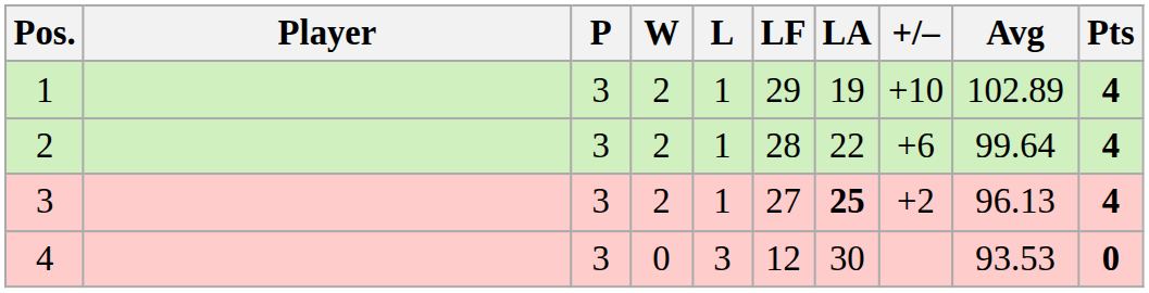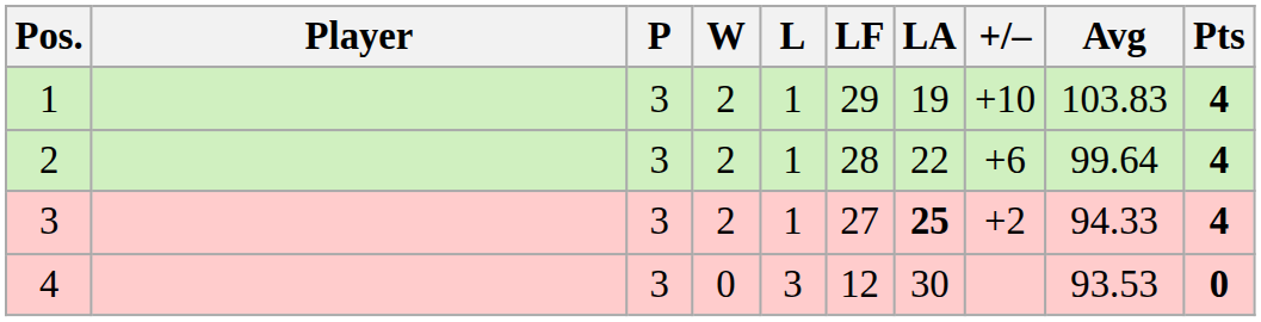 <table class="wikitable" style="text-align:center; margin: 1em auto 1em auto, align:left">
 <tr>
 <th width=20>Pos.</th>
 <th width=212>Player</th>
 <th width=20>P</th>
 <th width=20>W</th>
 <th width=20>L</th>
 <th width=20>LF</th>
 <th width=20>LA</th>
 <th width=25>+/–</th>
 <th width=50>Avg</th>
 <th width=20>Pts</th>
 </tr>
 <tr style="background:#D0F0C0;">
 <td>1</td>
 <td align=left></td>
 <td>3</td>
 <td>2</td>
 <td>1</td>
 <td>29</td>
 <td>19</td>
 <td>+10</td>
-<td>102.89</td>
+<td>103.83</td>
 <td><strong>4</strong></td>
 </tr>
 <tr style="background:#D0F0C0;">
 <td>2</td>
 <td align=left></td>
 <td>3</td>
 <td>2</td>
 <td>1</td>
 <td>28</td>
 <td>22</td>
 <td>+6</td>
 <td>99.64</td>
 <td><strong>4</strong></td>
 </tr>
 <tr style="background:#FFCCCC;">
 <td>3</td>
 <td align=left></td>
 <td>3</td>
 <td>2</td>
 <td>1</td>
 <td>27</td>
 <td><strong>25</strong></td>
 <td>+2</td>
-<td>96.13</td>
+<td>94.33</td>
 <td><strong>4</strong></td>
 </tr>
 <tr style="background:#FFCCCC">
 <td>4</td>
 <td align=left></td>
 <td>3</td>
 <td>0</td>
 <td>3</td>
 <td>12</td>
 <td>30</td>
 <td></td>
 <td>93.53</td>
 <td><strong>0</strong></td>
 </tr>
 </table>
